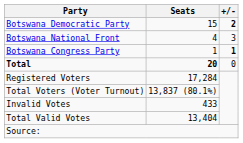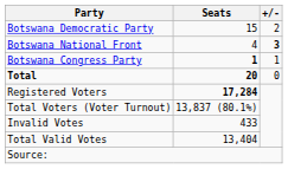 <table class=wikitable style=text-align:right>
 <tr>
 <th>Party</th>
 <th>Seats</th>
 <th>+/-</th>
 </tr>
 <tr>
 <td align=left><a href='#'>Botswana Democratic Party</a></td>
 <td>15</td>
-<td><strong>2</strong></td>
+<td>2</td>
 </tr>
 <tr>
 <td align=left><a href='#'>Botswana National Front</a></td>
 <td>4</td>
-<td>3</td>
+<td><strong>3</strong></td>
 </tr>
 <tr>
 <td align=left><a href='#'>Botswana Congress Party</a></td>
+<td><strong>1</strong></td>
 <td>1</td>
-<td><strong>1</strong></td>
 </tr>
 <tr>
 <td align=left><strong>Total</strong></td>
 <td><strong>20</strong></td>
 <td>0</td>
 </tr>
 <tr>
 <td align=left>Registered Voters</td>
-<td>17,284</td>
+<td><strong>17,284</strong></td>
 </tr>
 <tr>
 <td align=left>Total Voters (Voter Turnout)</td>
 <td>13,837 (80.1%)</td>
 </tr>
 <tr>
 <td align=left>Invalid Votes</td>
 <td>433</td>
 </tr>
 <tr>
 <td align=left>Total Valid Votes</td>
 <td>13,404</td>
 </tr>
 <tr>
 <td colspan=4 align=left>Source: </td>
 </tr>
 </table>
